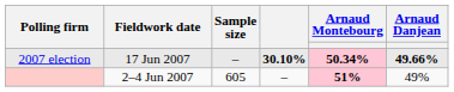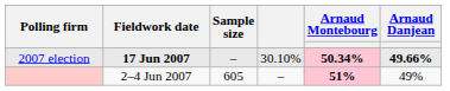 <table class="wikitable sortable" style="text-align:center;font-size:90%;line-height:14px;">
 <tr style="height:40px;">
 <th style="width:100px;" rowspan="2">Polling firm</th>
 <th style="width:110px;" rowspan="2">Fieldwork date</th>
 <th style="width:35px;" rowspan="2">Sample<br>size</th>
 <th style="width:30px;" rowspan="2"></th>
 <th class="unsortable" style="width:60px;"><a href='#'>Arnaud Montebourg</a><br></th>
 <th class="unsortable" style="width:60px;"><a href='#'>Arnaud Danjean</a><br></th>
 </tr>
 <tr>
 <th style="background:"></th>
 <th style="background:"></th>
 </tr>
 <tr style="background:#E9E9E9;">
 <td><a href='#'>2007 election</a></td>
-<td data-sort-value="2007-06-17">17 Jun 2007</td>
+<td data-sort-value="2007-06-17"><strong>17 Jun 2007</strong></td>
 <td>–</td>
-<td><strong>30.10%</strong></td>
+<td>30.10%</td>
 <td style="background:#FFC6D5;"><strong>50.34%</strong></td>
 <td><strong>49.66%</strong></td>
 </tr>
 <tr>
 <td style="background:#FFCCCC;"></td>
 <td data-sort-value="2007-06-04">2–4 Jun 2007</td>
 <td>605</td>
 <td>–</td>
 <td style="background:#FFC6D5;"><strong>51%</strong></td>
 <td>49%</td>
 </tr>
 </table>
